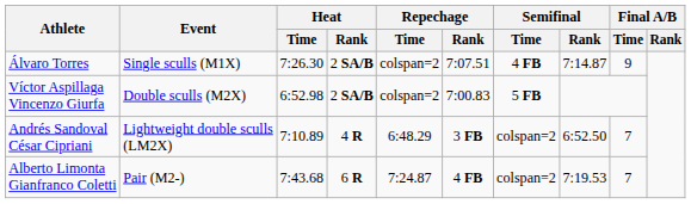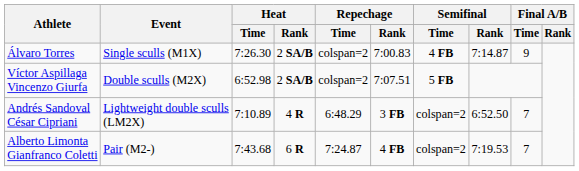 <table class=wikitable style=font-size:90%;text-align:center>
 <tr>
 <th rowspan=2>Athlete</th>
 <th rowspan=2>Event</th>
 <th colspan=2>Heat</th>
 <th colspan=2>Repechage</th>
 <th colspan=2>Semifinal</th>
 <th colspan=2>Final A/B</th>
 </tr>
 <tr style=font-size:95%>
 <th>Time</th>
 <th>Rank</th>
 <th>Time</th>
 <th>Rank</th>
 <th>Time</th>
 <th>Rank</th>
 <th>Time</th>
 <th>Rank</th>
 </tr>
 <tr>
 <td align=left><a href='#'>Álvaro Torres</a></td>
 <td align=left><a href='#'>Single sculls</a> (M1X)</td>
 <td>7:26.30</td>
 <td>2 <strong>SA/B</strong></td>
 <td>colspan=2 </td>
-<td>7:07.51</td>
+<td>7:00.83</td>
 <td>4 <strong>FB</strong></td>
 <td>7:14.87</td>
 <td>9</td>
 </tr>
 <tr>
 <td align=left><a href='#'>Víctor Aspillaga</a><br><a href='#'>Vincenzo Giurfa</a></td>
 <td align=left><a href='#'>Double sculls</a> (M2X)</td>
 <td>6:52.98</td>
 <td>2 <strong>SA/B</strong></td>
 <td>colspan=2 </td>
-<td>7:00.83</td>
+<td>7:07.51</td>
 <td>5 <strong>FB</strong></td>
 <td colspan=2></td>
 </tr>
 <tr>
 <td align=left><a href='#'>Andrés Sandoval</a><br><a href='#'>César Cipriani</a></td>
 <td align=left><a href='#'>Lightweight double sculls</a><br>(LM2X)</td>
 <td>7:10.89</td>
 <td>4 <strong>R</strong></td>
 <td>6:48.29</td>
 <td>3 <strong>FB</strong></td>
 <td>colspan=2 </td>
 <td>6:52.50</td>
 <td>7</td>
 </tr>
 <tr>
 <td align=left><a href='#'>Alberto Limonta</a><br><a href='#'>Gianfranco Coletti</a></td>
 <td align=left><a href='#'>Pair</a> (M2-)</td>
 <td>7:43.68</td>
 <td>6 <strong>R</strong></td>
 <td>7:24.87</td>
 <td>4 <strong>FB</strong></td>
 <td>colspan=2 </td>
 <td>7:19.53</td>
 <td>7</td>
 </tr>
 </table>
